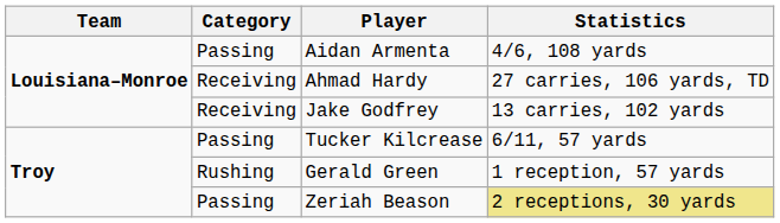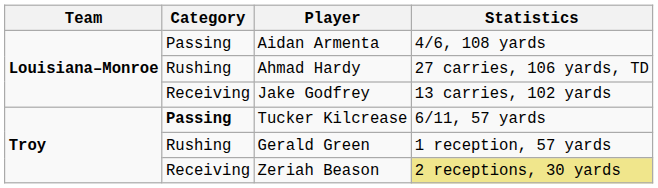 <table class="wikitable" style="float: right;">
 <tr>
 <th>Team</th>
 <th>Category</th>
 <th>Player</th>
 <th>Statistics</th>
 </tr>
 <tr>
 <td rowspan=3><strong>Louisiana–Monroe</strong></td>
 <td>Passing</td>
 <td>Aidan Armenta</td>
 <td>4/6, 108 yards</td>
 </tr>
 <tr>
-<td>Receiving</td>
+<td>Rushing</td>
 <td>Ahmad Hardy</td>
 <td>27 carries, 106 yards, TD</td>
 </tr>
 <tr>
 <td>Receiving</td>
 <td>Jake Godfrey</td>
 <td>13 carries, 102 yards</td>
 </tr>
 <tr>
 <td rowspan=3><strong>Troy</strong></td>
-<td>Passing</td>
+<td><strong>Passing</strong></td>
 <td>Tucker Kilcrease</td>
 <td>6/11, 57 yards</td>
 </tr>
 <tr>
 <td>Rushing</td>
 <td>Gerald Green</td>
 <td>1 reception, 57 yards</td>
 </tr>
 <tr>
-<td>Passing</td>
+<td>Receiving</td>
 <td>Zeriah Beason</td>
 <td style="background: khaki;">2 receptions, 30 yards</td>
 </tr>
 </table>
